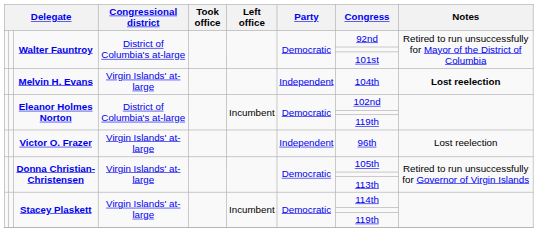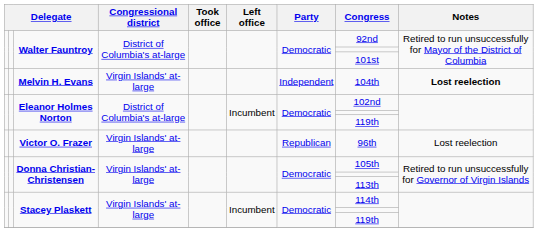 <table class="wikitable sortable plainrowheaders" style="text-align: center;">
 <tr>
 <th colspan=3 class=unsortable><a href='#'>Delegate</a></th>
 <th scope="col"><a href='#'>Congressional district</a></th>
 <th scope="col">Took office</th>
 <th scope="col">Left office</th>
 <th scope="col"><a href='#'>Party</a></th>
 <th scope="col" class=unsortable width=95px><a href='#'>Congress</a></th>
 <th scope="col" class=unsortable>Notes</th>
 </tr>
 <tr>
 <td rowspan=3 style="background: "></td>
 <td rowspan=3></td>
 <td rowspan=3><strong><a href='#'>Walter Fauntroy</a></strong><br></td>
 <td rowspan=3><a href='#'>District of Columbia's at-large</a></td>
 <td rowspan=3></td>
 <td rowspan=3></td>
 <td rowspan=3><a href='#'>Democratic</a></td>
 <td><a href='#'>92nd</a><br></td>
 <td rowspan=3>Retired to run unsuccessfully for <a href='#'>Mayor of the District of Columbia</a></td>
 </tr>
 <tr>
 <td></td>
 </tr>
 <tr>
 <td><a href='#'>101st</a><br></td>
 </tr>
 <tr>
 <td style="background: "></td>
 <td></td>
 <td><strong><a href='#'>Melvin H. Evans</a></strong><br></td>
 <td><a href='#'>Virgin Islands' at-large</a></td>
 <td></td>
 <td></td>
 <td><a href='#'>Independent</a></td>
 <td><a href='#'>104th</a><br></td>
 <td><strong>Lost reelection</strong></td>
 </tr>
 <tr>
 <td rowspan=3 style="background: "></td>
 <td rowspan=3></td>
 <td rowspan=3><strong><a href='#'>Eleanor Holmes Norton</a></strong><br></td>
 <td rowspan=3><a href='#'>District of Columbia's at-large</a></td>
 <td rowspan=3></td>
 <td rowspan=3>Incumbent</td>
 <td rowspan=3><a href='#'>Democratic</a></td>
 <td><a href='#'>102nd</a><br></td>
 <td rowspan=3></td>
 </tr>
 <tr>
 <td></td>
 </tr>
 <tr>
 <td><a href='#'>119th</a><br></td>
 </tr>
 <tr>
 <td style="background: "></td>
 <td></td>
 <td><strong><a href='#'>Victor O. Frazer</a></strong><br></td>
 <td><a href='#'>Virgin Islands' at-large</a></td>
 <td></td>
 <td></td>
-<td><a href='#'>Independent</a></td>
+<td><a href='#'>Republican</a></td>
 <td><a href='#'>96th</a><br></td>
 <td>Lost reelection</td>
 </tr>
 <tr>
 <td rowspan=3 style="background: "></td>
 <td rowspan=3></td>
 <td rowspan=3><strong><a href='#'>Donna Christian-Christensen</a></strong><br></td>
 <td rowspan=3><a href='#'>Virgin Islands' at-large</a></td>
 <td rowspan=3></td>
 <td rowspan=3></td>
 <td rowspan=3><a href='#'>Democratic</a></td>
 <td><a href='#'>105th</a><br></td>
 <td rowspan=3>Retired to run unsuccessfully for <a href='#'>Governor of Virgin Islands</a></td>
 </tr>
 <tr>
 <td></td>
 </tr>
 <tr>
 <td><a href='#'>113th</a><br></td>
 </tr>
 <tr>
 <td rowspan=3 style="background: "></td>
 <td rowspan=3></td>
 <td rowspan=3><strong><a href='#'>Stacey Plaskett</a></strong><br></td>
 <td rowspan=3><a href='#'>Virgin Islands' at-large</a></td>
 <td rowspan=3></td>
 <td rowspan=3>Incumbent</td>
 <td rowspan=3><a href='#'>Democratic</a></td>
 <td><a href='#'>114th</a><br></td>
 <td rowspan=3></td>
 </tr>
 <tr>
 <td></td>
 </tr>
 <tr>
 <td><a href='#'>119th</a><br></td>
 </tr>
 <tr>
 </tr>
 </table>
